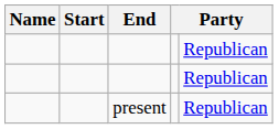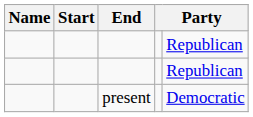 <table class="wikitable sortable">
 <tr>
 <th>Name</th>
 <th>Start</th>
 <th>End</th>
 <th colspan=2>Party<br></th>
 </tr>
 <tr>
 <td></td>
 <td></td>
 <td></td>
 <td style="background: "></td>
 <td><a href='#'>Republican</a></td>
 </tr>
 <tr>
 <td><br></td>
 <td></td>
 <td></td>
 <td style="background: "></td>
 <td><a href='#'>Republican</a></td>
 </tr>
 <tr>
 <td></td>
 <td></td>
 <td>present</td>
 <td style="background: "></td>
-<td><a href='#'>Republican</a></td>
+<td><a href='#'>Democratic</a></td>
 </tr>
 </table>
